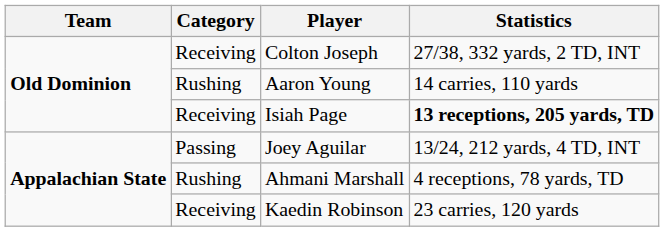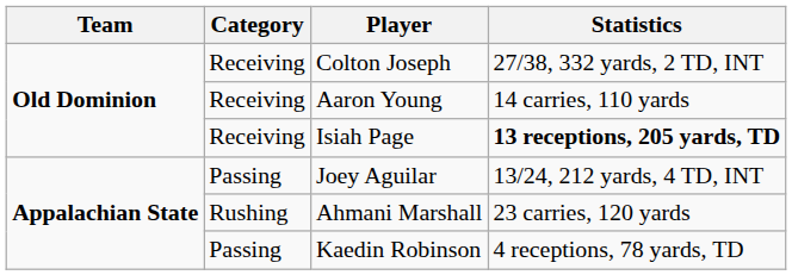 <table class="wikitable" style="float: right;">
 <tr>
 <th>Team</th>
 <th>Category</th>
 <th>Player</th>
 <th>Statistics</th>
 </tr>
 <tr>
 <td rowspan=3><strong>Old Dominion</strong></td>
 <td>Receiving</td>
 <td>Colton Joseph</td>
 <td>27/38, 332 yards, 2 TD, INT</td>
 </tr>
 <tr>
-<td>Rushing</td>
+<td>Receiving</td>
 <td>Aaron Young</td>
 <td>14 carries, 110 yards</td>
 </tr>
 <tr>
 <td>Receiving</td>
 <td>Isiah Page</td>
 <td><strong>13 receptions, 205 yards, TD</strong></td>
 </tr>
 <tr>
 <td rowspan=3><strong>Appalachian State</strong></td>
 <td>Passing</td>
 <td>Joey Aguilar</td>
 <td>13/24, 212 yards, 4 TD, INT</td>
 </tr>
 <tr>
 <td>Rushing</td>
 <td>Ahmani Marshall</td>
+<td>23 carries, 120 yards</td>
+</tr>
+<tr>
+<td>Passing</td>
+<td>Kaedin Robinson</td>
 <td>4 receptions, 78 yards, TD</td>
 </tr>
-<tr>
-<td>Receiving</td>
-<td>Kaedin Robinson</td>
-<td>23 carries, 120 yards</td>
-</tr>
 </table>
